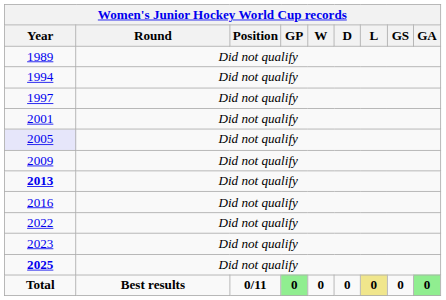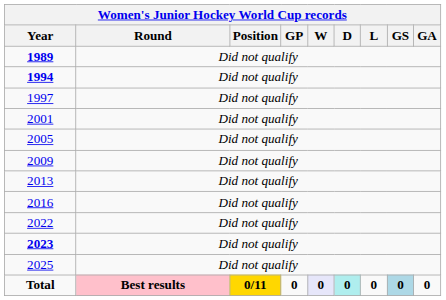 <table class="wikitable" style="text-align: center">
 <tr>
 <th colspan=9><a href='#'>Women's Junior Hockey World Cup records</a></th>
 </tr>
 <tr>
 <th width=80>Year</th>
 <th width=180>Round</th>
 <th>Position</th>
 <th width=25>GP</th>
 <th width=25>W</th>
 <th width=25>D</th>
 <th width=25>L</th>
 <th width=25>GS</th>
 <th width=25>GA</th>
 </tr>
 <tr>
-<td> <a href='#'>1989</a></td>
+<td><strong> <a href='#'>1989</a></strong></td>
 <td colspan=8><em>Did not qualify</em></td>
 </tr>
 <tr>
-<td> <a href='#'>1994</a></td>
+<td><strong> <a href='#'>1994</a></strong></td>
 <td colspan=8><em>Did not qualify</em></td>
 </tr>
 <tr>
 <td> <a href='#'>1997</a></td>
 <td colspan=8><em>Did not qualify</em></td>
 </tr>
 <tr>
 <td> <a href='#'>2001</a></td>
 <td colspan=8><em>Did not qualify</em></td>
 </tr>
 <tr>
-<td style="background: lavender;"> <a href='#'>2005</a></td>
+<td> <a href='#'>2005</a></td>
 <td colspan=8><em>Did not qualify</em></td>
 </tr>
 <tr>
 <td> <a href='#'>2009</a></td>
 <td colspan=8><em>Did not qualify</em></td>
 </tr>
 <tr>
-<td><strong> <a href='#'>2013</a></strong></td>
+<td> <a href='#'>2013</a></td>
 <td colspan=8><em>Did not qualify</em></td>
 </tr>
 <tr>
 <td> <a href='#'>2016</a></td>
 <td colspan=8><em>Did not qualify</em></td>
 </tr>
 <tr>
 <td> <a href='#'>2022</a></td>
 <td colspan=8><em>Did not qualify</em></td>
 </tr>
 <tr>
-<td> <a href='#'>2023</a></td>
+<td><strong> <a href='#'>2023</a></strong></td>
 <td colspan=8><em>Did not qualify</em></td>
 </tr>
 <tr>
-<td><strong> <a href='#'>2025</a></strong></td>
+<td> <a href='#'>2025</a></td>
 <td colspan=8><em>Did not qualify</em></td>
 </tr>
 <tr>
 <td><strong>Total</strong></td>
-<td><strong>Best results </strong></td>
-<td><strong>0/11</strong></td>
-<td style="background: lightgreen;"><strong>0</strong></td>
+<td style="background: pink;"><strong>Best results </strong></td>
+<td style="background: gold;"><strong>0/11</strong></td>
 <td><strong>0</strong></td>
+<td style="background: lavender;"><strong>0</strong></td>
+<td style="background: paleturquoise;"><strong>0</strong></td>
 <td><strong>0</strong></td>
-<td style="background: khaki;"><strong>0</strong></td>
+<td style="background: lightblue;"><strong>0</strong></td>
 <td><strong>0</strong></td>
-<td style="background: lightgreen;"><strong>0</strong></td>
 </tr>
 </table>
